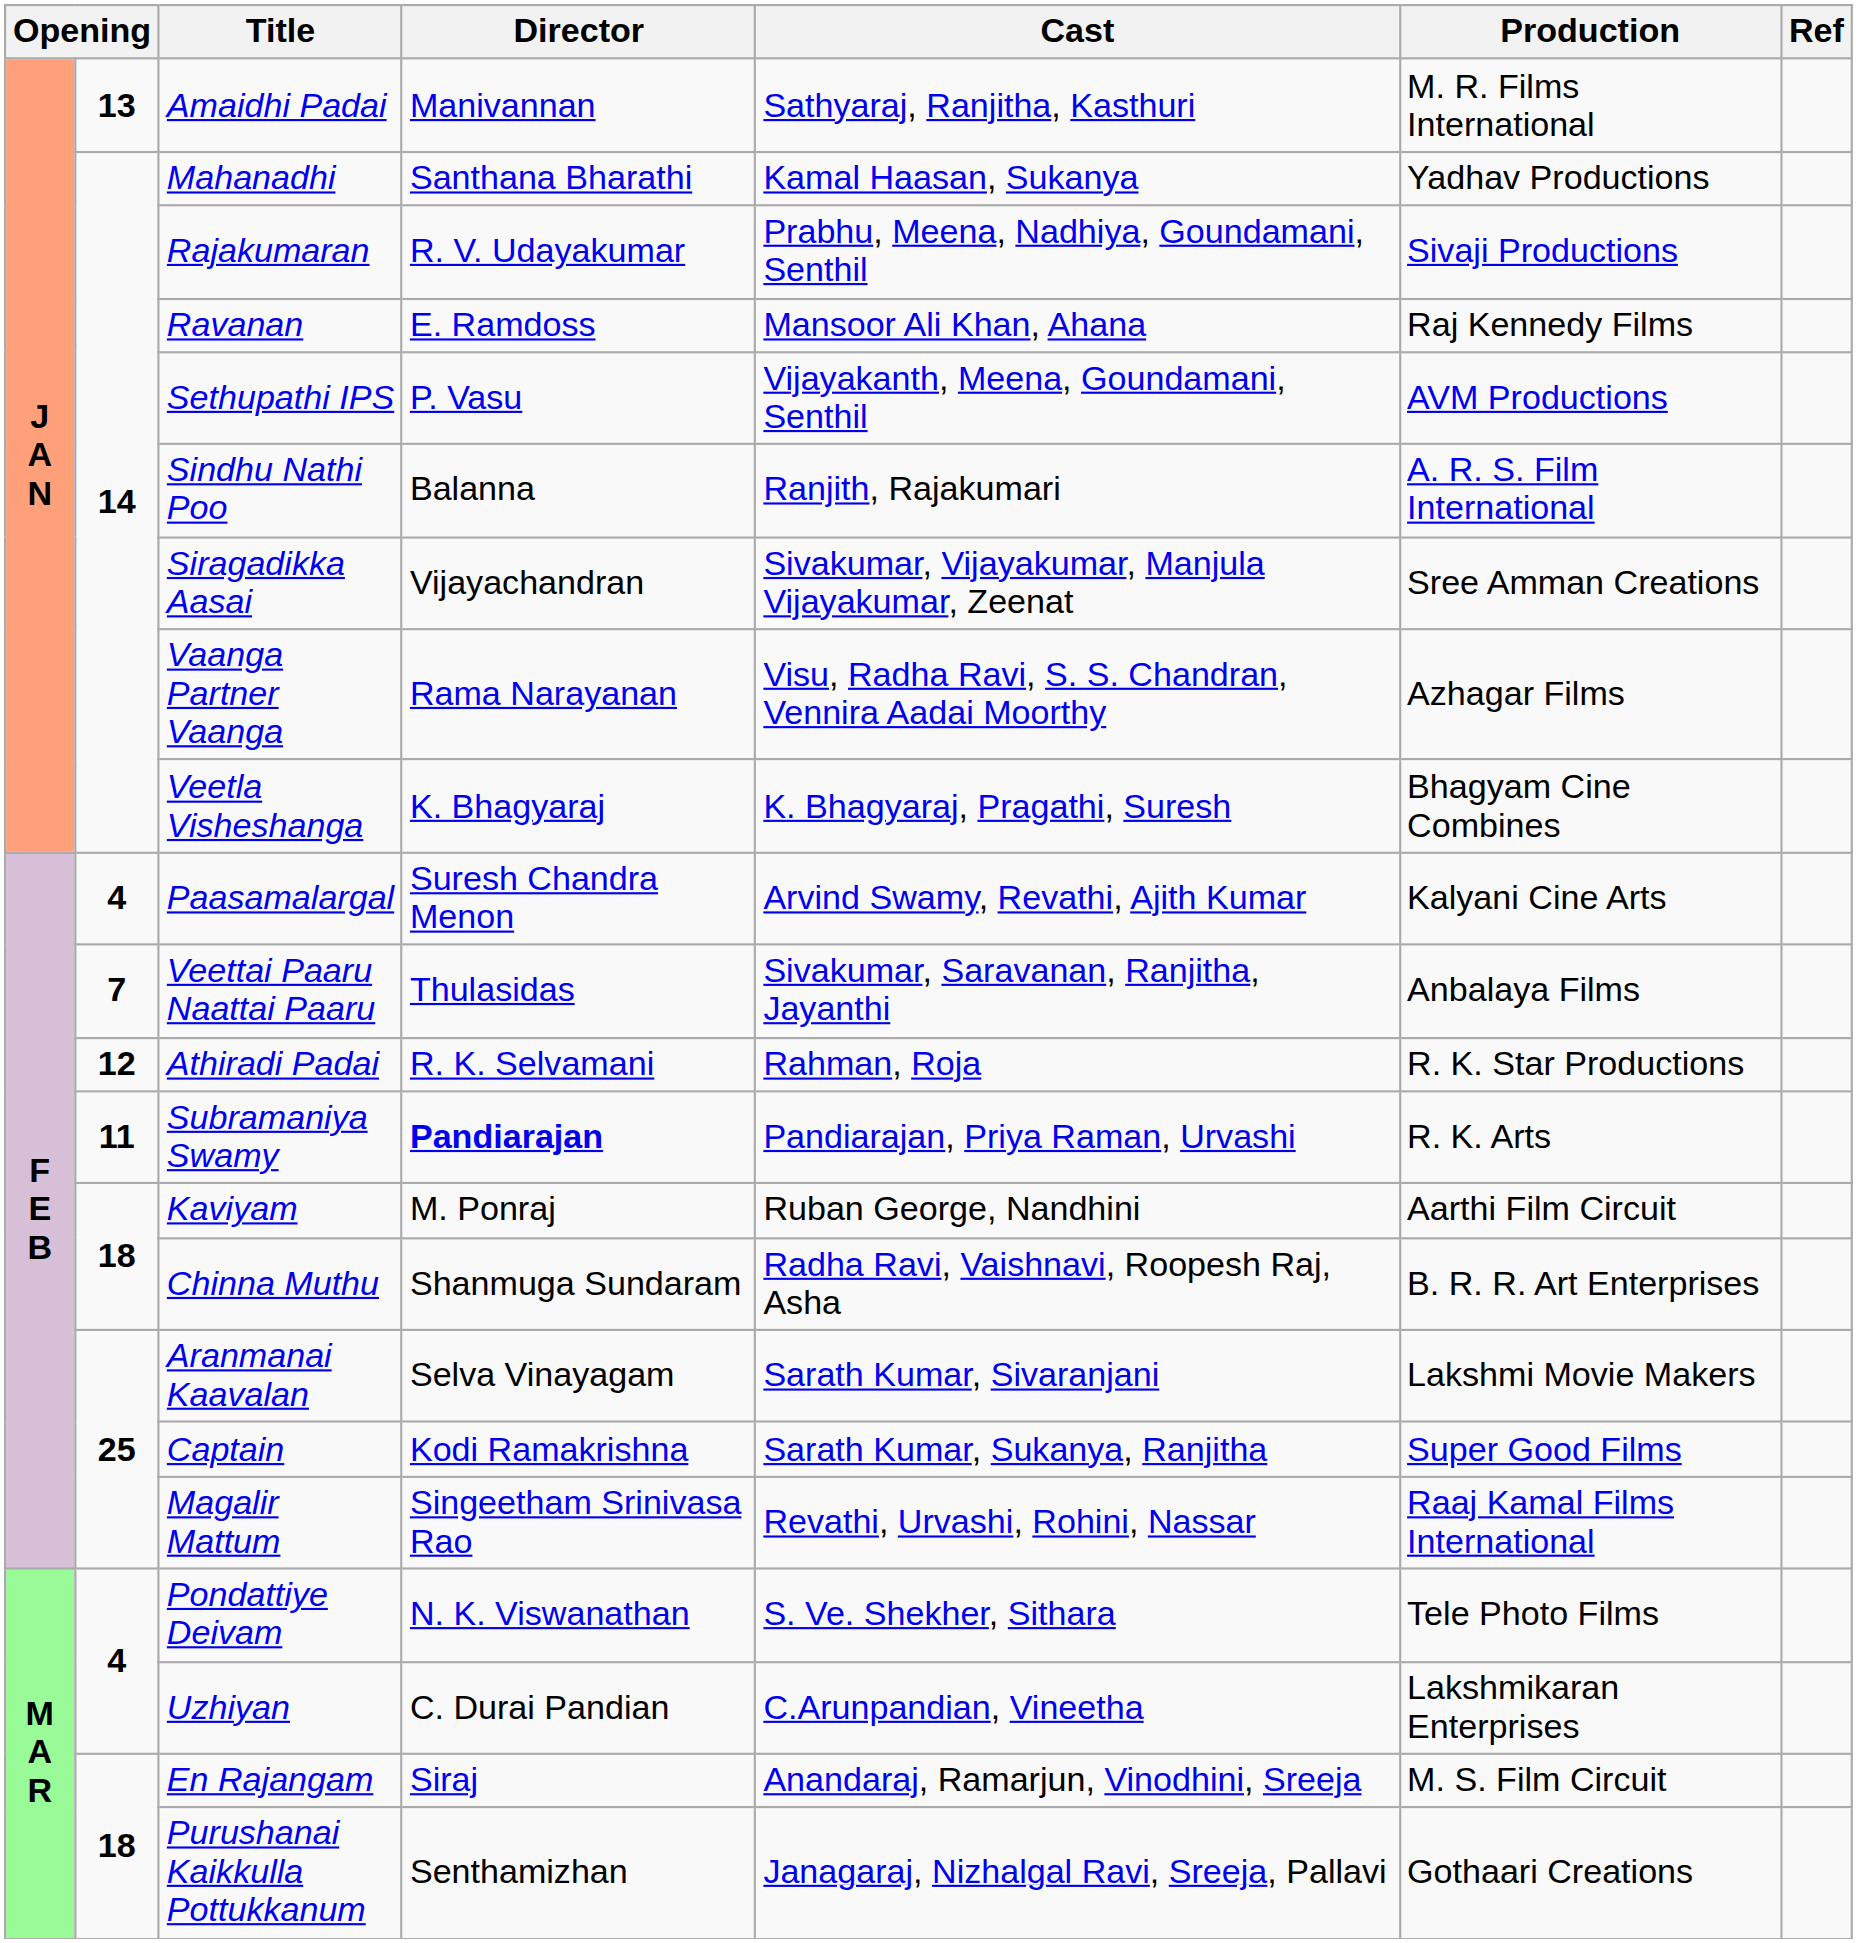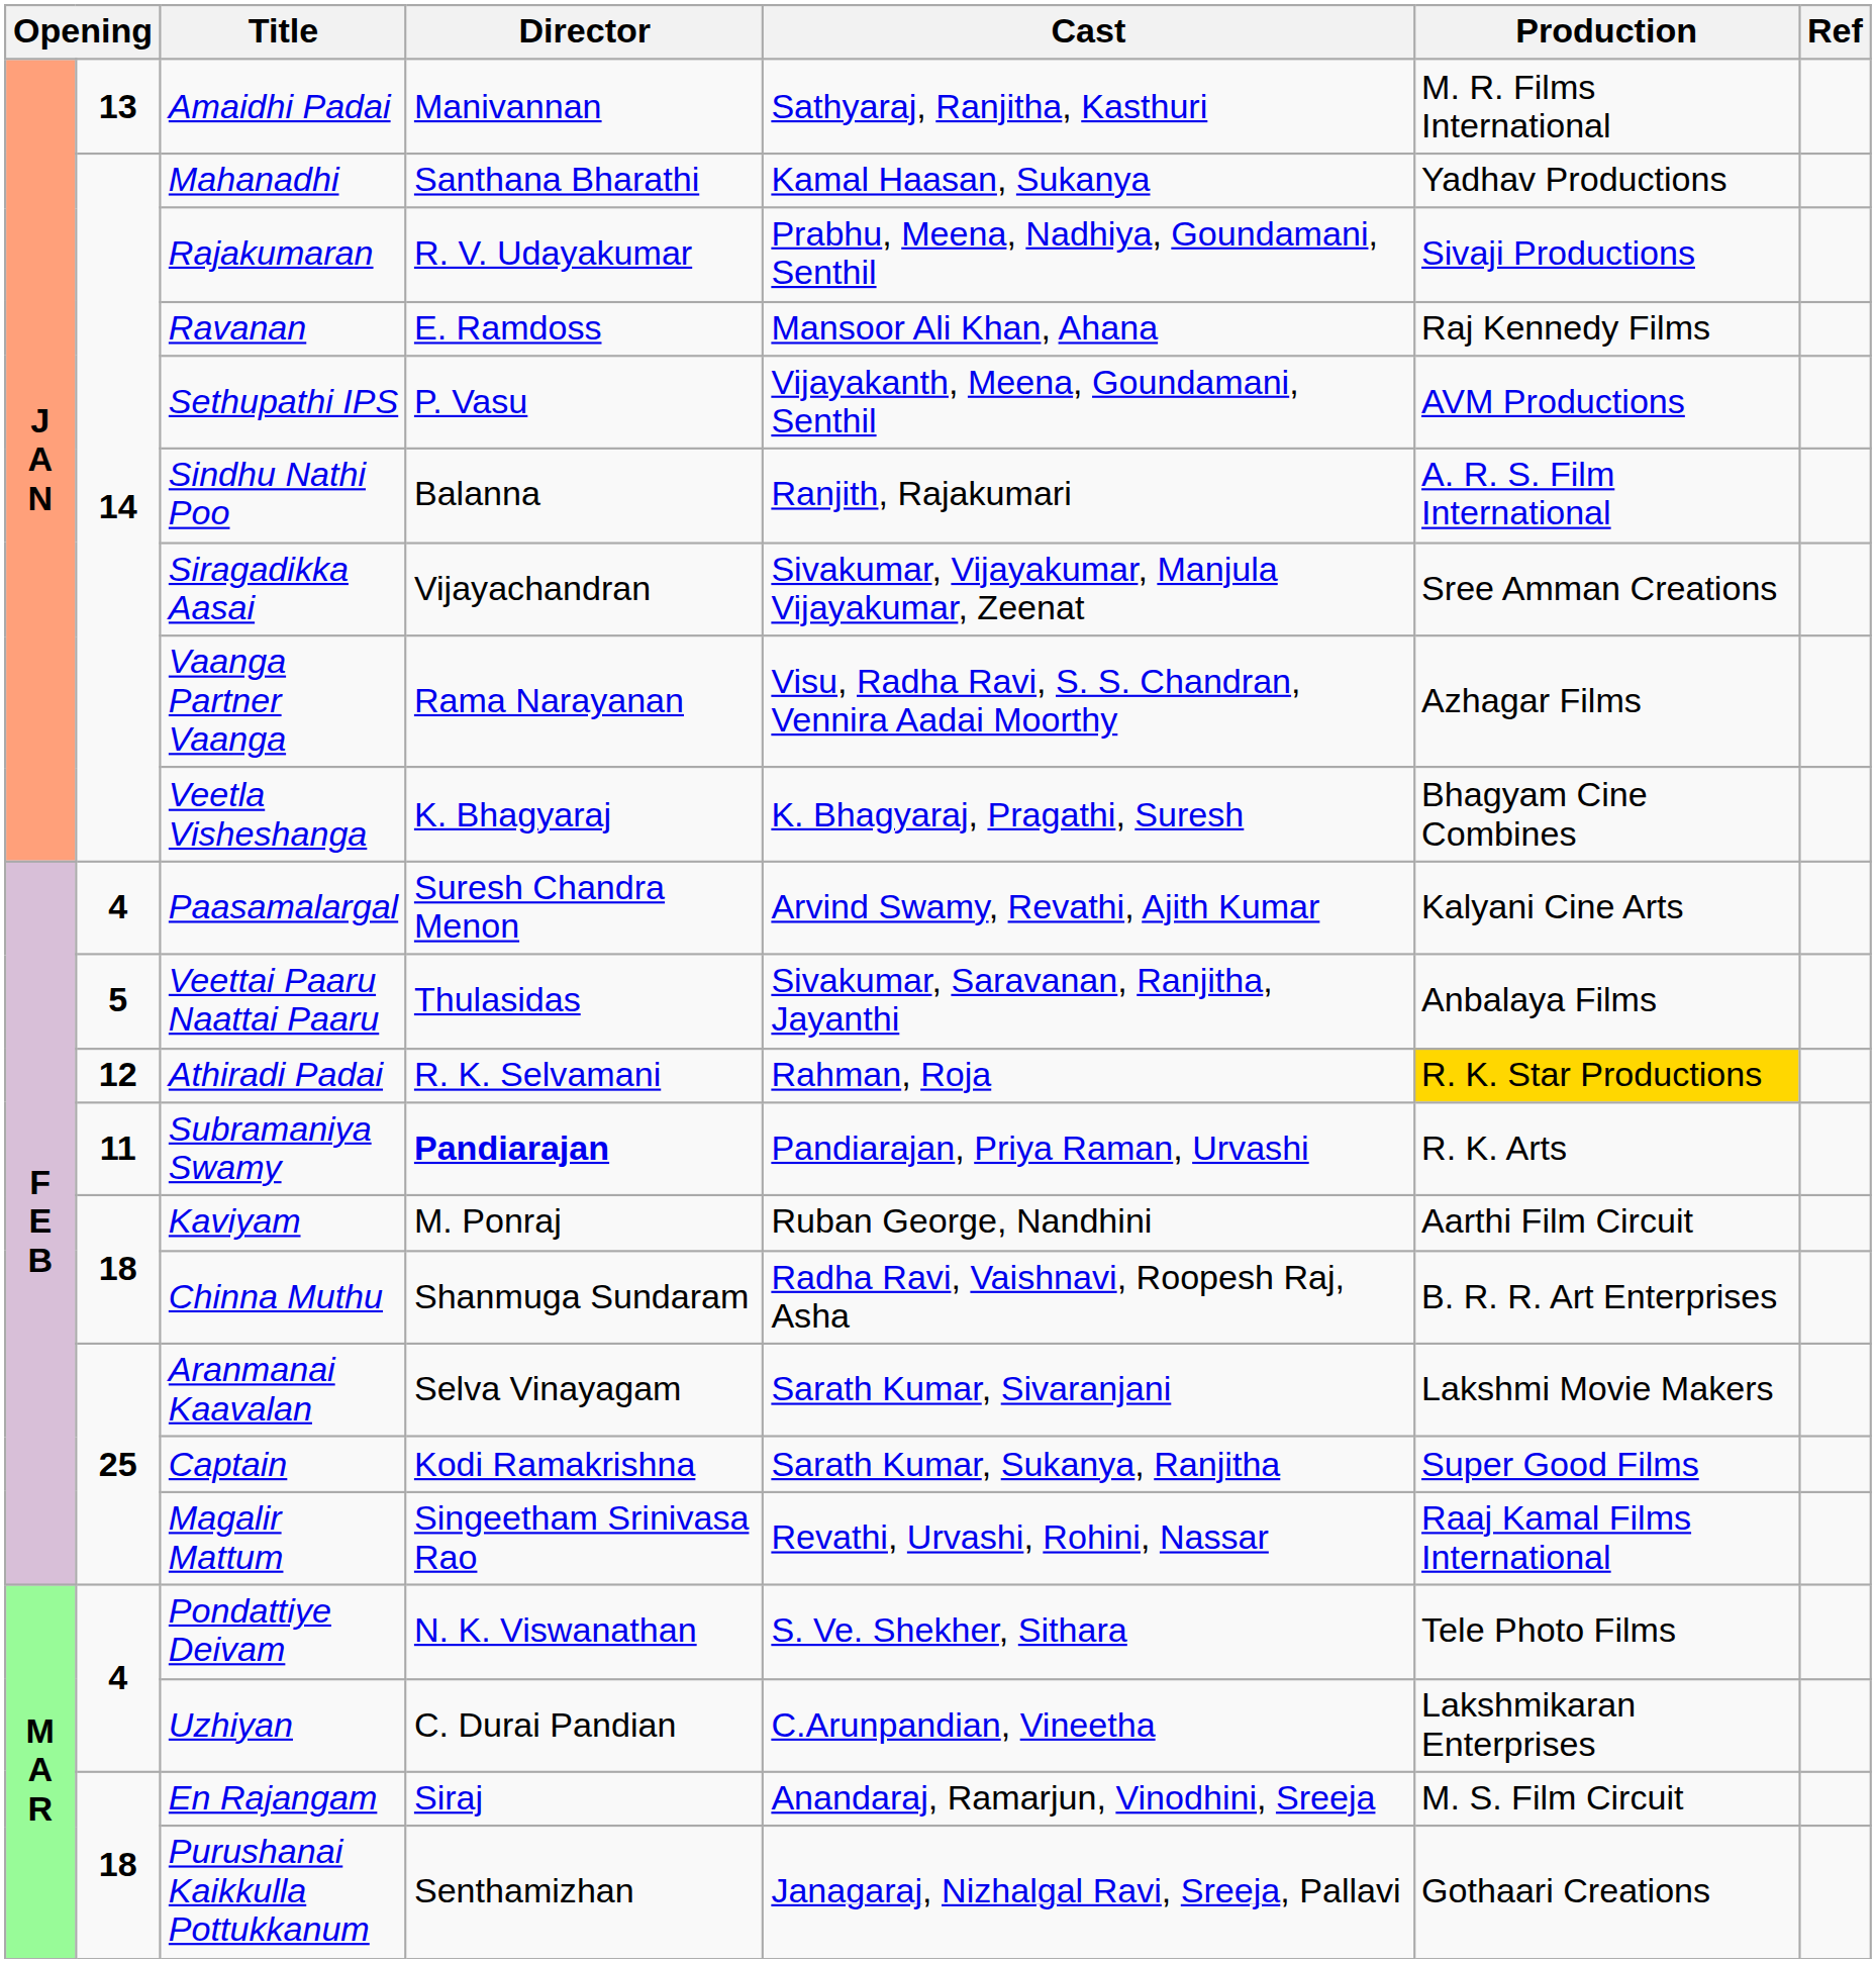 <table class="wikitable">
 <tr>
 <th colspan="2"><strong>Opening</strong></th>
 <th width="13%"><strong>Title</strong></th>
 <th><strong>Director</strong></th>
 <th><strong>Cast</strong></th>
 <th><strong>Production</strong></th>
 <th><strong>Ref</strong></th>
 </tr>
 <tr January!>
 <td rowspan="9" valign="center" align="center" style="background:#FFA07A; textcolor:#000;"><strong>J<br>A<br>N</strong></td>
 <td rowspan="1" align="center"><strong>13</strong></td>
 <td><em><a href='#'>Amaidhi Padai</a></em></td>
 <td><a href='#'>Manivannan</a></td>
 <td><a href='#'>Sathyaraj</a>, <a href='#'>Ranjitha</a>, <a href='#'>Kasthuri</a></td>
 <td>M. R. Films International</td>
 <td></td>
 </tr>
 <tr>
 <td rowspan="8" align="center"><strong>14</strong></td>
 <td><em><a href='#'>Mahanadhi</a></em></td>
 <td><a href='#'>Santhana Bharathi</a></td>
 <td><a href='#'>Kamal Haasan</a>, <a href='#'>Sukanya</a></td>
 <td>Yadhav Productions</td>
 <td></td>
 </tr>
 <tr>
 <td><em><a href='#'>Rajakumaran</a></em></td>
 <td><a href='#'>R. V. Udayakumar</a></td>
 <td><a href='#'>Prabhu</a>, <a href='#'>Meena</a>, <a href='#'>Nadhiya</a>, <a href='#'>Goundamani</a>, <a href='#'>Senthil</a></td>
 <td><a href='#'>Sivaji Productions</a></td>
 <td></td>
 </tr>
 <tr>
 <td><em><a href='#'>Ravanan</a></em></td>
 <td><a href='#'>E. Ramdoss</a></td>
 <td><a href='#'>Mansoor Ali Khan</a>, <a href='#'>Ahana</a></td>
 <td>Raj Kennedy Films</td>
 <td></td>
 </tr>
 <tr>
 <td><em><a href='#'>Sethupathi IPS</a></em></td>
 <td><a href='#'>P. Vasu</a></td>
 <td><a href='#'>Vijayakanth</a>, <a href='#'>Meena</a>, <a href='#'>Goundamani</a>, <a href='#'>Senthil</a></td>
 <td><a href='#'>AVM Productions</a></td>
 <td></td>
 </tr>
 <tr>
 <td><em><a href='#'>Sindhu Nathi Poo</a></em></td>
 <td>Balanna</td>
 <td><a href='#'>Ranjith</a>, Rajakumari</td>
 <td><a href='#'>A. R. S. Film International</a></td>
 <td></td>
 </tr>
 <tr>
 <td><em><a href='#'>Siragadikka Aasai</a></em></td>
 <td>Vijayachandran</td>
 <td><a href='#'>Sivakumar</a>, <a href='#'>Vijayakumar</a>, <a href='#'>Manjula Vijayakumar</a>, Zeenat</td>
 <td>Sree Amman Creations</td>
 <td></td>
 </tr>
 <tr>
 <td><em><a href='#'>Vaanga Partner Vaanga</a></em></td>
 <td><a href='#'>Rama Narayanan</a></td>
 <td><a href='#'>Visu</a>, <a href='#'>Radha Ravi</a>, <a href='#'>S. S. Chandran</a>, <a href='#'>Vennira Aadai Moorthy</a></td>
 <td>Azhagar Films</td>
 <td></td>
 </tr>
 <tr>
 <td><em><a href='#'>Veetla Visheshanga</a></em></td>
 <td><a href='#'>K. Bhagyaraj</a></td>
 <td><a href='#'>K. Bhagyaraj</a>, <a href='#'>Pragathi</a>, <a href='#'>Suresh</a></td>
 <td>Bhagyam Cine Combines</td>
 <td></td>
 </tr>
 <tr February!>
 <td rowspan="9" valign="center" align="center" style="background:#D8BFD8; textcolor:#000;"><strong>F<br>E<br>B</strong></td>
 <td align="center"><strong>4</strong></td>
 <td><em><a href='#'>Paasamalargal</a></em></td>
 <td><a href='#'>Suresh Chandra Menon</a></td>
 <td><a href='#'>Arvind Swamy</a>, <a href='#'>Revathi</a>, <a href='#'>Ajith Kumar</a></td>
 <td>Kalyani Cine Arts</td>
 <td></td>
 </tr>
 <tr>
-<td align="center"><strong>7</strong></td>
+<td align="center"><strong>5</strong></td>
 <td><em><a href='#'>Veettai Paaru Naattai Paaru</a></em></td>
 <td><a href='#'>Thulasidas</a></td>
 <td><a href='#'>Sivakumar</a>, <a href='#'>Saravanan</a>, <a href='#'>Ranjitha</a>, <a href='#'>Jayanthi</a></td>
 <td>Anbalaya Films</td>
 <td></td>
 </tr>
 <tr>
 <td rowspan="1" align="center"><strong>12</strong></td>
 <td><em><a href='#'>Athiradi Padai</a></em></td>
 <td><a href='#'>R. K. Selvamani</a></td>
 <td><a href='#'>Rahman</a>, <a href='#'>Roja</a></td>
-<td>R. K. Star Productions</td>
+<td style="background: gold;">R. K. Star Productions</td>
 <td></td>
 </tr>
 <tr>
 <td rowspan="1" align="center"><strong>11</strong></td>
 <td><em><a href='#'>Subramaniya Swamy</a></em></td>
 <td><strong><a href='#'>Pandiarajan</a></strong></td>
 <td><a href='#'>Pandiarajan</a>, <a href='#'>Priya Raman</a>, <a href='#'>Urvashi</a></td>
 <td>R. K. Arts</td>
 <td></td>
 </tr>
 <tr>
 <td rowspan="2" align="center"><strong>18</strong></td>
 <td><em><a href='#'>Kaviyam</a></em></td>
 <td>M. Ponraj</td>
 <td>Ruban George, Nandhini</td>
 <td>Aarthi Film Circuit</td>
 <td></td>
 </tr>
 <tr>
 <td><em><a href='#'>Chinna Muthu</a></em></td>
 <td>Shanmuga Sundaram</td>
 <td><a href='#'>Radha Ravi</a>, <a href='#'>Vaishnavi</a>, Roopesh Raj, Asha</td>
 <td>B. R. R. Art Enterprises</td>
 <td></td>
 </tr>
 <tr>
 <td rowspan="3" align="center"><strong>25</strong></td>
 <td><em><a href='#'>Aranmanai Kaavalan</a></em></td>
 <td>Selva Vinayagam</td>
 <td><a href='#'>Sarath Kumar</a>, <a href='#'>Sivaranjani</a></td>
 <td>Lakshmi Movie Makers</td>
 <td></td>
 </tr>
 <tr>
 <td><em><a href='#'>Captain</a></em></td>
 <td><a href='#'>Kodi Ramakrishna</a></td>
 <td><a href='#'>Sarath Kumar</a>, <a href='#'>Sukanya</a>, <a href='#'>Ranjitha</a></td>
 <td><a href='#'>Super Good Films</a></td>
 <td></td>
 </tr>
 <tr>
 <td><em><a href='#'>Magalir Mattum</a></em></td>
 <td><a href='#'>Singeetham Srinivasa Rao</a></td>
 <td><a href='#'>Revathi</a>, <a href='#'>Urvashi</a>, <a href='#'>Rohini</a>, <a href='#'>Nassar</a></td>
 <td><a href='#'>Raaj Kamal Films International</a></td>
 <td></td>
 </tr>
 <tr March!>
 <td rowspan="4" valign="center" align="center" style="background:#98FB98; textcolor:#000;"><strong>M<br>A<br>R</strong></td>
 <td rowspan="2" align="center"><strong>4</strong></td>
 <td><em><a href='#'>Pondattiye Deivam</a></em></td>
 <td><a href='#'>N. K. Viswanathan</a></td>
 <td><a href='#'>S. Ve. Shekher</a>, <a href='#'>Sithara</a></td>
 <td>Tele Photo Films</td>
 <td></td>
 </tr>
 <tr>
 <td><em><a href='#'>Uzhiyan</a></em></td>
 <td>C. Durai Pandian</td>
 <td><a href='#'>C.Arunpandian</a>, <a href='#'>Vineetha</a></td>
 <td>Lakshmikaran Enterprises</td>
 <td></td>
 </tr>
 <tr>
 <td rowspan="2" align="center"><strong>18</strong></td>
 <td><em><a href='#'>En Rajangam</a></em></td>
 <td><a href='#'>Siraj</a></td>
 <td><a href='#'>Anandaraj</a>, Ramarjun, <a href='#'>Vinodhini</a>, <a href='#'>Sreeja</a></td>
 <td>M. S. Film Circuit</td>
 <td></td>
 </tr>
 <tr>
 <td><em><a href='#'>Purushanai Kaikkulla Pottukkanum</a></em></td>
 <td>Senthamizhan</td>
 <td><a href='#'>Janagaraj</a>, <a href='#'>Nizhalgal Ravi</a>, <a href='#'>Sreeja</a>, Pallavi</td>
 <td>Gothaari Creations</td>
 <td></td>
 </tr>
 </table>
